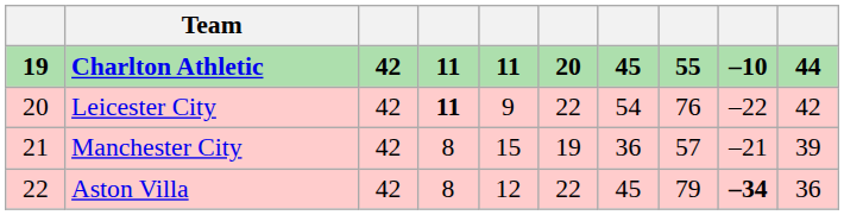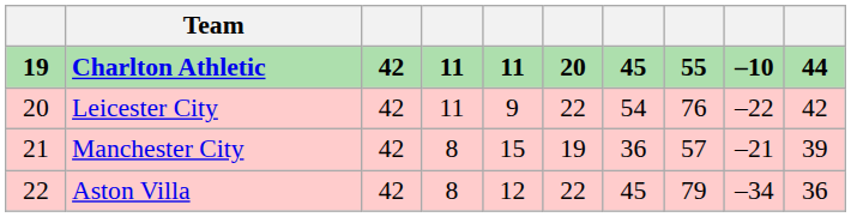 <table class="wikitable" style="text-align:center">
 <tr>
 <th width="30"></th>
 <th width="175">Team</th>
 <th width="30"></th>
 <th width="30"></th>
 <th width="30"></th>
 <th width="30"></th>
 <th width="30"></th>
 <th width="30"></th>
 <th width="30"></th>
 <th width="30"></th>
 </tr>
 <tr bgcolor=#ADDFAD>
 <td><strong>19</strong></td>
 <td align=left><strong><a href='#'>Charlton Athletic</a></strong></td>
 <td><strong>42</strong></td>
 <td><strong>11</strong></td>
 <td><strong>11</strong></td>
 <td><strong>20</strong></td>
 <td><strong>45</strong></td>
 <td><strong>55</strong></td>
 <td><strong>–10</strong></td>
 <td><strong>44</strong></td>
 </tr>
 <tr bgcolor="FFCCCC">
 <td>20</td>
 <td align=left><a href='#'>Leicester City</a></td>
 <td>42</td>
-<td><strong>11</strong></td>
+<td>11</td>
 <td>9</td>
 <td>22</td>
 <td>54</td>
 <td>76</td>
 <td>–22</td>
 <td>42</td>
 </tr>
 <tr bgcolor="FFCCCC">
 <td>21</td>
 <td align=left><a href='#'>Manchester City</a></td>
 <td>42</td>
 <td>8</td>
 <td>15</td>
 <td>19</td>
 <td>36</td>
 <td>57</td>
 <td>–21</td>
 <td>39</td>
 </tr>
 <tr bgcolor="FFCCCC">
 <td>22</td>
 <td align=left><a href='#'>Aston Villa</a></td>
 <td>42</td>
 <td>8</td>
 <td>12</td>
 <td>22</td>
 <td>45</td>
 <td>79</td>
-<td><strong>–34</strong></td>
+<td>–34</td>
 <td>36</td>
 </tr>
 </table>
